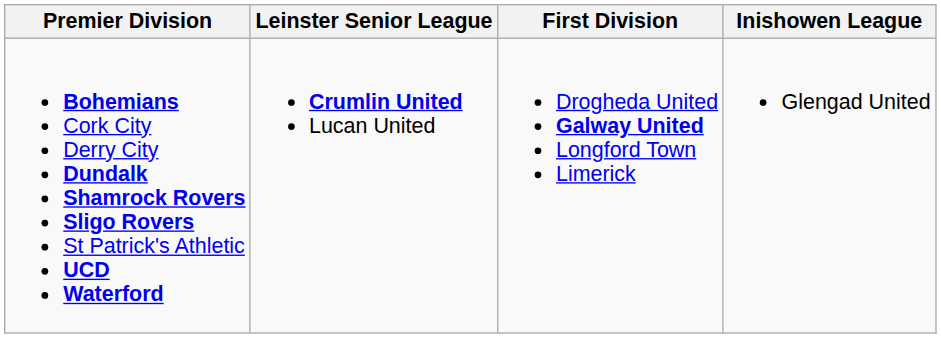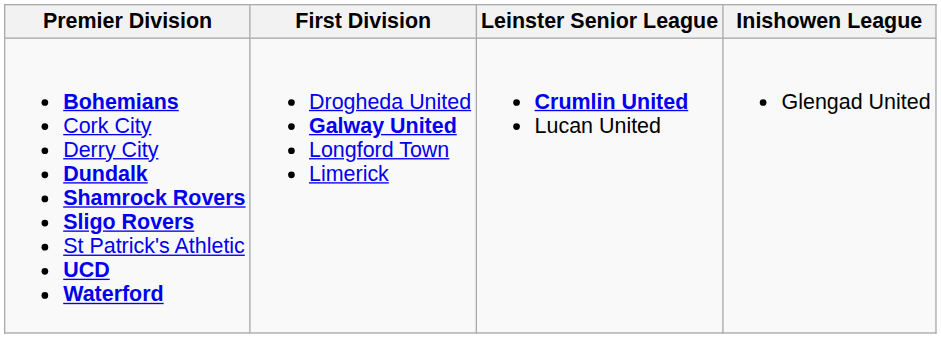 <table class="wikitable">
 <tr>
 <th>Premier Division</th>
+<th>First Division</th>
 <th>Leinster Senior League</th>
-<th>First Division</th>
 <th>Inishowen League</th>
 </tr>
 <tr>
 <td valign="top"><br><ul><li><strong><a href='#'>Bohemians</a></strong></li><li><a href='#'>Cork City</a></li><li><a href='#'>Derry City</a></li><li><strong><a href='#'>Dundalk</a></strong></li><li><strong><a href='#'>Shamrock Rovers</a></strong></li><li><strong><a href='#'>Sligo Rovers</a></strong></li><li><a href='#'>St Patrick's Athletic</a></li><li><strong><a href='#'>UCD</a></strong></li><li><strong><a href='#'>Waterford</a></strong></li></ul></td>
+<td valign="top"><br><ul><li><a href='#'>Drogheda United</a></li><li><strong><a href='#'>Galway United</a></strong></li><li><a href='#'>Longford Town</a></li><li><a href='#'>Limerick</a></li></ul></td>
 <td valign="top"><br><ul><li><strong><a href='#'>Crumlin United</a></strong></li><li>Lucan United</li></ul></td>
-<td valign="top"><br><ul><li><a href='#'>Drogheda United</a></li><li><strong><a href='#'>Galway United</a></strong></li><li><a href='#'>Longford Town</a></li><li><a href='#'>Limerick</a></li></ul></td>
 <td valign="top"><br><ul><li>Glengad United</li></ul></td>
 </tr>
 </table>
